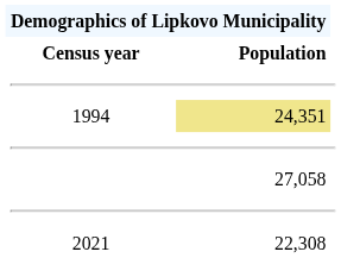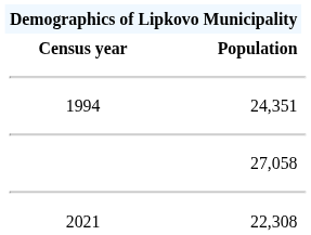 <table class="toccolours" align="center" cellpadding="4" cellspacing="0" style="margin:0 0 1em 1em; font-size: 95%;">
 <tr>
 <th colspan=2 bgcolor="#F0F8FF" align="center">Demographics   of <strong>Lipkovo Municipality</strong></th>
 <th></th>
 </tr>
 <tr>
 <th align="center">Census year</th>
 <th align="right">Population</th>
 </tr>
 <tr>
 <td colspan=3><hr></td>
 </tr>
 <tr>
 <td align="center">1994</td>
-<td align="right" style="background: khaki;">24,351</td>
+<td align="right">24,351</td>
 </tr>
 <tr>
 <td colspan=3><hr></td>
 </tr>
 <tr>
 <td align="center"></td>
 <td align="right">27,058</td>
 </tr>
 <tr>
 <td colspan=3><hr></td>
 </tr>
 <tr>
 <td align="center">2021</td>
 <td align="right">22,308</td>
 </tr>
 <tr>
 </tr>
 </table>
